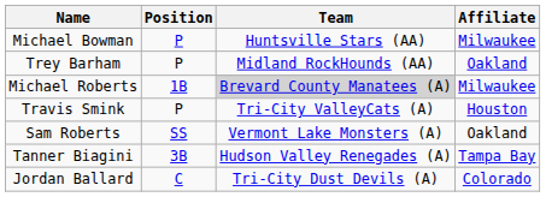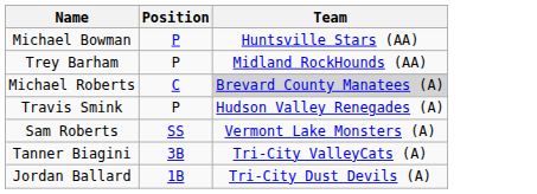 <table class="wikitable" style="text-align:center">
 <tr>
 <th>Name</th>
 <th>Position</th>
 <th>Team</th>
-<th>Affiliate</th>
 </tr>
 <tr>
 <td>Michael Bowman</td>
 <td><a href='#'>P</a></td>
 <td><a href='#'>Huntsville Stars</a> (AA)</td>
-<td><a href='#'>Milwaukee</a></td>
 </tr>
 <tr>
 <td>Trey Barham</td>
 <td>P</td>
 <td><a href='#'>Midland RockHounds</a> (AA)</td>
-<td><a href='#'>Oakland</a></td>
 </tr>
 <tr>
 <td>Michael Roberts</td>
-<td><a href='#'>1B</a></td>
+<td><a href='#'>C</a></td>
 <td style="background: lightgrey;"><a href='#'>Brevard County Manatees</a> (A)</td>
-<td><a href='#'>Milwaukee</a></td>
 </tr>
 <tr>
 <td>Travis Smink</td>
 <td>P</td>
-<td><a href='#'>Tri-City ValleyCats</a> (A)</td>
-<td><a href='#'>Houston</a></td>
+<td><a href='#'>Hudson Valley Renegades</a> (A)</td>
 </tr>
 <tr>
 <td>Sam Roberts</td>
 <td><a href='#'>SS</a></td>
 <td><a href='#'>Vermont Lake Monsters</a> (A)</td>
-<td>Oakland</td>
 </tr>
 <tr>
 <td>Tanner Biagini</td>
 <td><a href='#'>3B</a></td>
-<td><a href='#'>Hudson Valley Renegades</a> (A)</td>
-<td><a href='#'>Tampa Bay</a></td>
+<td><a href='#'>Tri-City ValleyCats</a> (A)</td>
 </tr>
 <tr>
 <td>Jordan Ballard</td>
-<td><a href='#'>C</a></td>
+<td><a href='#'>1B</a></td>
 <td><a href='#'>Tri-City Dust Devils</a> (A)</td>
-<td><a href='#'>Colorado</a></td>
 </tr>
 </table>
